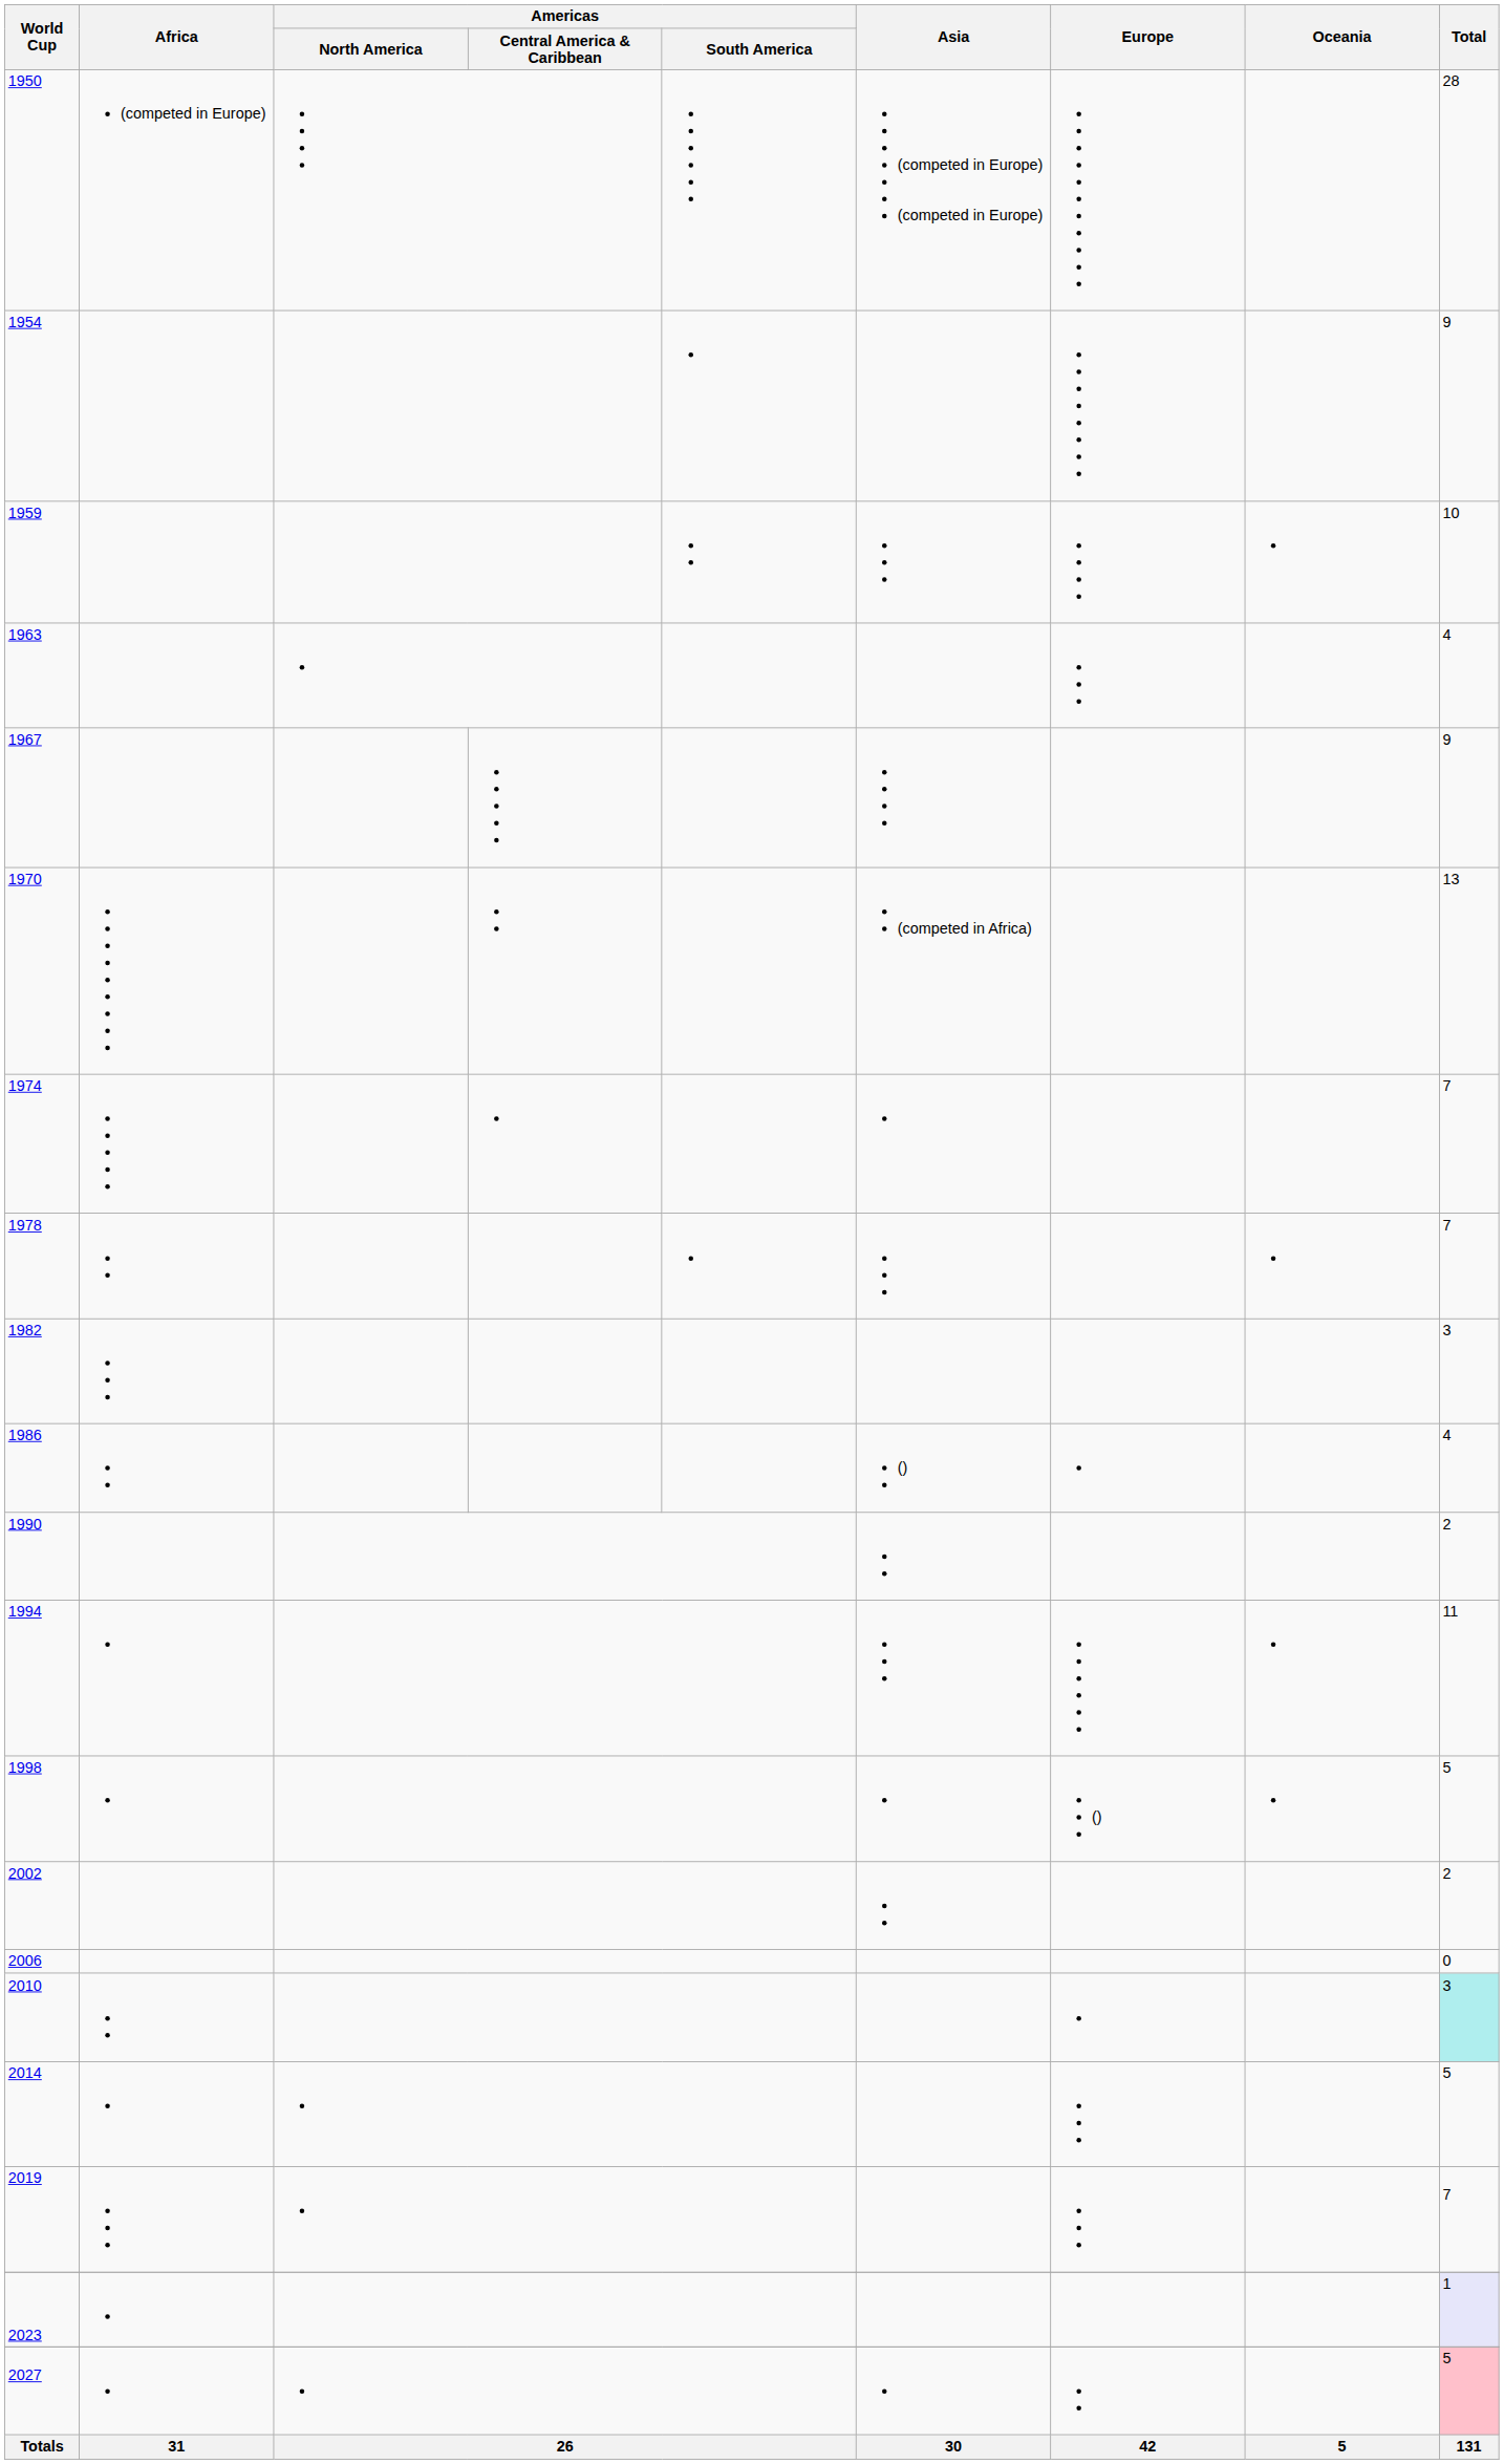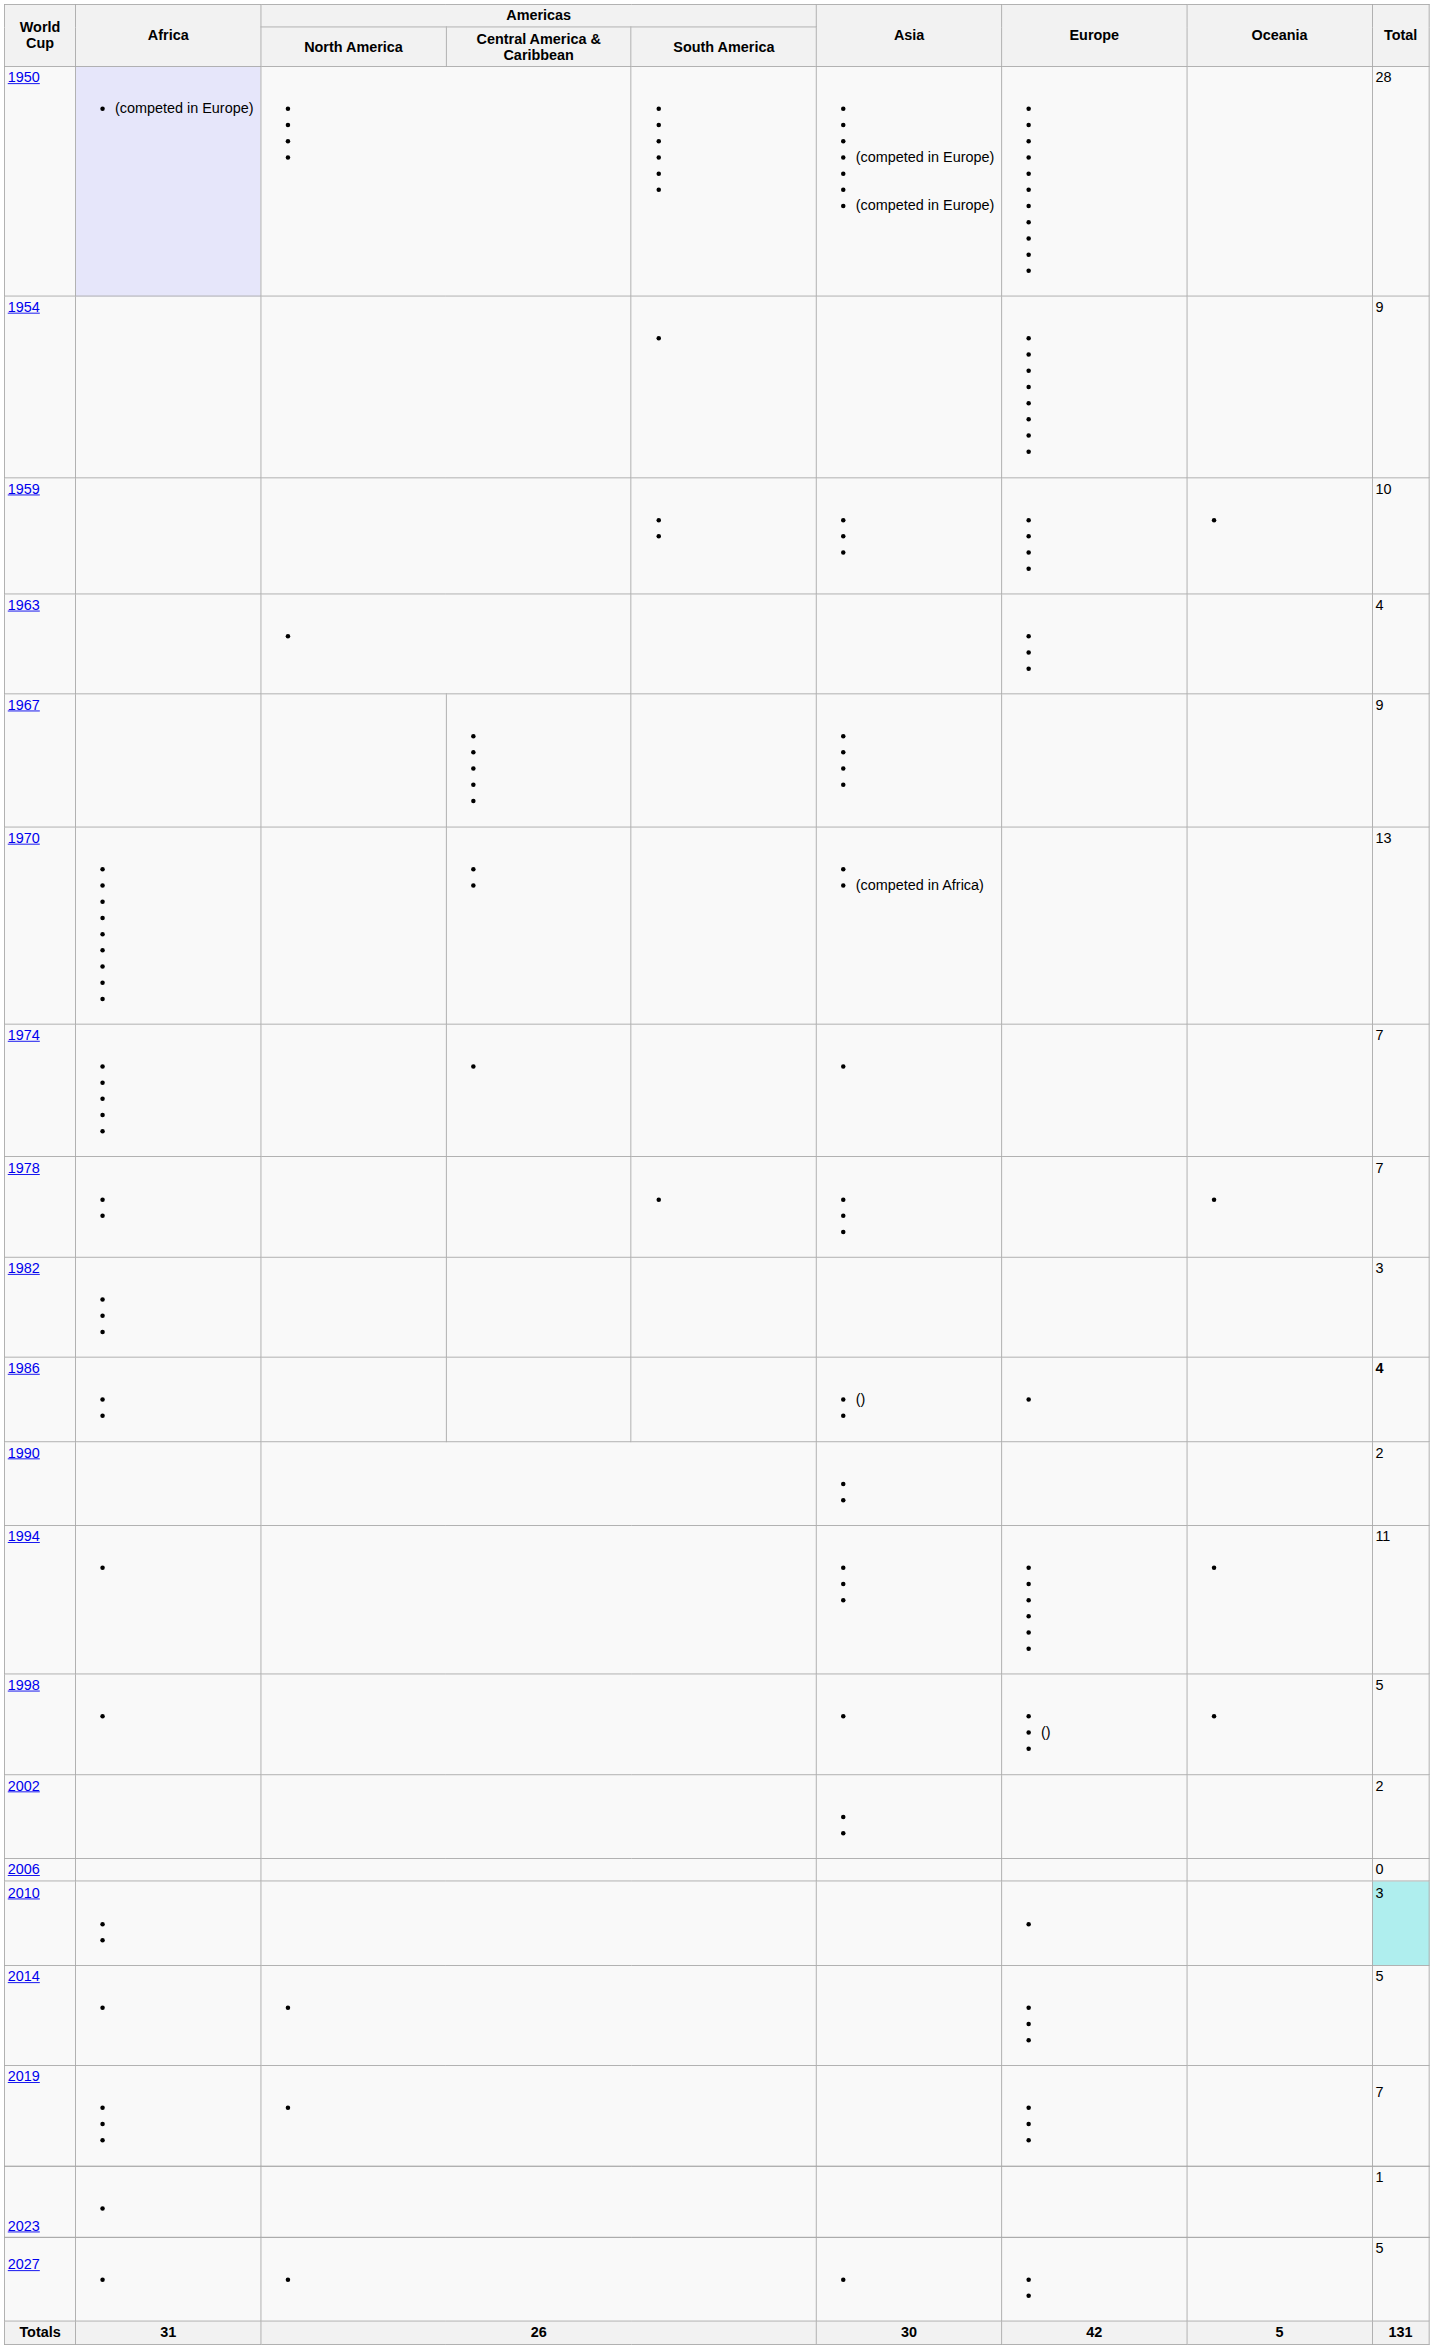 <table class=wikitable width=100%>
 <tr>
 <th width=5% rowspan=2>World<br>Cup</th>
 <th rowspan=2 width=13%>Africa</th>
 <th colspan=3>Americas</th>
 <th rowspan=2 width=13%>Asia</th>
 <th rowspan=2 width=13%>Europe</th>
 <th rowspan=2 width=13%>Oceania</th>
 <th width=4% rowspan=2>Total</th>
 </tr>
 <tr>
 <th width=13%>North America</th>
 <th width=13%>Central America & Caribbean</th>
 <th width=13%>South America</th>
 </tr>
 <tr valign=top>
 <td> <a href='#'>1950</a></td>
-<td><br><ul><li> (competed in Europe)</li></ul></td>
+<td style="background: lavender;"><br><ul><li> (competed in Europe)</li></ul></td>
 <td colspan=2><br><ul><li></li><li></li><li></li><li></li></ul></td>
 <td><br><ul><li></li><li></li><li></li><li></li><li></li><li></li></ul></td>
 <td><br><ul><li></li><li></li><li></li><li> (competed in Europe)</li><li></li><li></li><li> (competed in Europe)</li></ul></td>
 <td><br><ul><li></li><li></li><li></li><li></li><li></li><li></li><li></li><li></li><li></li><li></li><li></li></ul></td>
 <td></td>
 <td>28</td>
 </tr>
 <tr valign=top>
 <td> <a href='#'>1954</a></td>
 <td></td>
 <td colspan=2></td>
 <td><br><ul><li></li></ul></td>
 <td></td>
 <td><br><ul><li></li><li></li><li></li><li></li><li></li><li></li><li></li><li></li></ul></td>
 <td></td>
 <td>9</td>
 </tr>
 <tr valign=top>
 <td> <a href='#'>1959</a></td>
 <td></td>
 <td colspan=2></td>
 <td><br><ul><li></li><li></li></ul></td>
 <td><br><ul><li></li><li></li><li></li></ul></td>
 <td><br><ul><li></li><li></li><li></li><li></li></ul></td>
 <td><br><ul><li></li></ul></td>
 <td>10</td>
 </tr>
 <tr valign=top>
 <td> <a href='#'>1963</a></td>
 <td></td>
 <td colspan=2><br><ul><li></li></ul></td>
 <td></td>
 <td></td>
 <td><br><ul><li></li><li></li><li></li></ul></td>
 <td></td>
 <td>4</td>
 </tr>
 <tr valign=top>
 <td> <a href='#'>1967</a></td>
 <td></td>
 <td></td>
 <td><br><ul><li></li><li></li><li></li><li></li><li></li></ul></td>
 <td></td>
 <td><br><ul><li></li><li></li><li></li><li></li></ul></td>
 <td></td>
 <td></td>
 <td>9</td>
 </tr>
 <tr valign=top>
 <td> <a href='#'>1970</a></td>
 <td><br><ul><li></li><li></li><li></li><li></li><li></li><li></li><li></li><li></li><li></li></ul></td>
 <td></td>
 <td><br><ul><li></li><li></li></ul></td>
 <td></td>
 <td><br><ul><li></li><li> (competed in Africa)</li></ul></td>
 <td></td>
 <td></td>
 <td>13</td>
 </tr>
 <tr valign=top>
 <td> <a href='#'>1974</a></td>
 <td><br><ul><li></li><li></li><li></li><li></li><li></li></ul></td>
 <td></td>
 <td><br><ul><li></li></ul></td>
 <td></td>
 <td><br><ul><li></li></ul></td>
 <td></td>
 <td></td>
 <td>7</td>
 </tr>
 <tr valign=top>
 <td> <a href='#'>1978</a></td>
 <td><br><ul><li></li><li></li></ul></td>
 <td></td>
 <td></td>
 <td><br><ul><li></li></ul></td>
 <td><br><ul><li></li><li></li><li></li></ul></td>
 <td></td>
 <td><br><ul><li></li></ul></td>
 <td>7</td>
 </tr>
 <tr valign=top>
 <td> <a href='#'>1982</a></td>
 <td><br><ul><li></li><li></li><li></li></ul></td>
 <td></td>
 <td></td>
 <td></td>
 <td></td>
 <td></td>
 <td></td>
 <td>3</td>
 </tr>
 <tr valign=top>
 <td> <a href='#'>1986</a></td>
 <td><br><ul><li></li><li></li></ul></td>
 <td></td>
 <td></td>
 <td></td>
 <td><br><ul><li>()</li><li></li></ul></td>
 <td><br><ul><li></li></ul></td>
 <td></td>
-<td>4</td>
+<td><strong>4</strong></td>
 </tr>
 <tr valign=top>
 <td> <a href='#'>1990</a></td>
 <td></td>
 <td colspan=3></td>
 <td><br><ul><li></li><li></li></ul></td>
 <td></td>
 <td></td>
 <td>2</td>
 </tr>
 <tr valign=top>
 <td> <a href='#'>1994</a></td>
 <td><br><ul><li></li></ul></td>
 <td colspan=3></td>
 <td><br><ul><li></li><li></li><li></li></ul></td>
 <td><br><ul><li></li><li></li><li></li><li></li><li></li><li></li></ul></td>
 <td><br><ul><li></li></ul></td>
 <td>11</td>
 </tr>
 <tr valign=top>
 <td> <a href='#'>1998</a></td>
 <td><br><ul><li></li></ul></td>
 <td colspan=3></td>
 <td><br><ul><li></li></ul></td>
 <td><br><ul><li></li><li>()</li><li></li></ul></td>
 <td><br><ul><li></li></ul></td>
 <td>5</td>
 </tr>
 <tr valign=top>
 <td> <a href='#'>2002</a></td>
 <td></td>
 <td colspan=3></td>
 <td><br><ul><li></li><li></li></ul></td>
 <td></td>
 <td></td>
 <td>2</td>
 </tr>
 <tr valign=top>
 <td> <a href='#'>2006</a></td>
 <td></td>
 <td colspan=3></td>
 <td></td>
 <td></td>
 <td></td>
 <td>0</td>
 </tr>
 <tr valign=top>
 <td> <a href='#'>2010</a></td>
 <td><br><ul><li></li><li></li></ul></td>
 <td colspan=3></td>
 <td></td>
 <td><br><ul><li></li></ul></td>
 <td></td>
 <td style="background: paleturquoise;">3</td>
 </tr>
 <tr valign=top>
 <td> <a href='#'>2014</a></td>
 <td><br><ul><li></li></ul></td>
 <td colspan=3><br><ul><li></li></ul></td>
 <td></td>
 <td><br><ul><li></li><li></li><li></li></ul></td>
 <td></td>
 <td>5</td>
 </tr>
 <tr valign=top>
 <td> <a href='#'>2019</a></td>
 <td><br><ul><li></li><li></li><li></li></ul></td>
 <td colspan=3><br><ul><li></li></ul></td>
 <td></td>
 <td><br><ul><li></li><li></li><li></li></ul></td>
 <td></td>
 <td><br>7</td>
 </tr>
 <tr>
 </tr>
 <tr valign=top>
 <td><br><br><br><a href='#'>2023</a></td>
 <td><br><ul><li></li></ul></td>
 <td colspan=3></td>
 <td></td>
 <td></td>
 <td></td>
-<td style="background: lavender;">1</td>
+<td>1</td>
 </tr>
 <tr>
 </tr>
 <tr valign=top>
 <td><br><a href='#'>2027</a></td>
 <td><br><ul><li></li></ul></td>
 <td colspan=3><br><ul><li></li></ul></td>
 <td><br><ul><li></li></ul></td>
 <td><br><ul><li></li><li></li></ul></td>
 <td></td>
-<td style="background: pink;">5</td>
+<td>5</td>
 </tr>
 <tr>
 <th>Totals</th>
 <th>31</th>
 <th colspan=3>26</th>
 <th>30</th>
 <th>42</th>
 <th>5</th>
 <th>131</th>
 </tr>
 </table>
